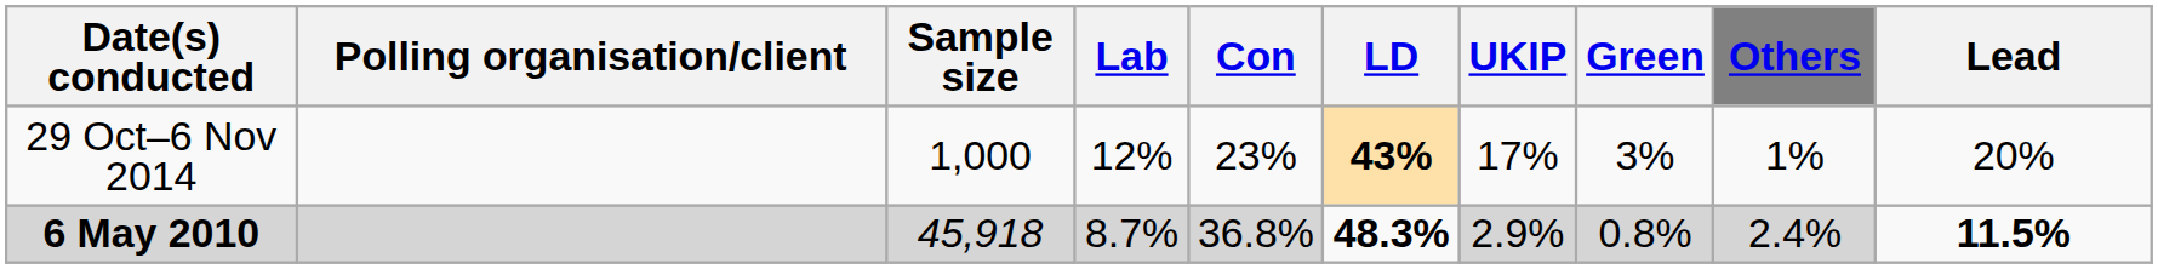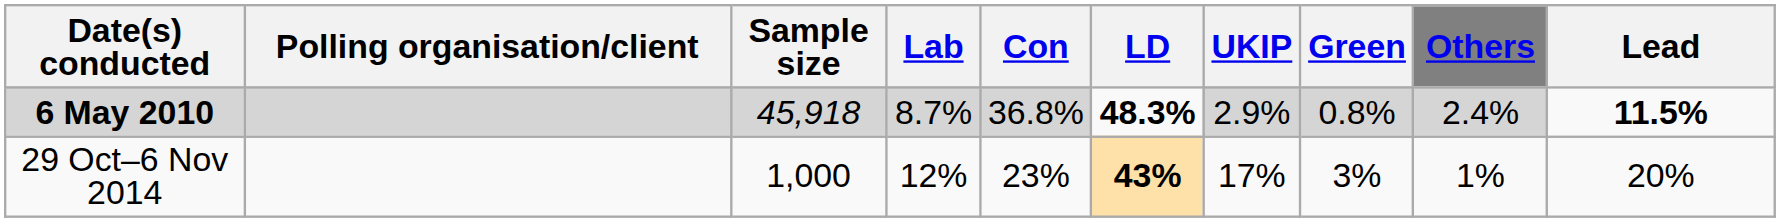 <table class="wikitable sortable" style="text-align:center;font-size:90%;line-height:14px">
 <tr>
 <th ! style="width:95px;">Date(s)<br>conducted</th>
 <th style="width:200px;">Polling organisation/client</th>
 <th class="unsortable" style="width:60px;">Sample size</th>
 <th class="unsortable" style="background:"><a href='#'><span>Lab</span></a></th>
 <th class="unsortable" style="background:"><a href='#'><span>Con</span></a></th>
 <th class="unsortable" style="background:"><a href='#'><span>LD</span></a></th>
 <th class="unsortable" style="background:"><a href='#'><span>UKIP</span></a></th>
 <th class="unsortable" style="background:"><a href='#'><span>Green</span></a></th>
 <th class="unsortable" style="background:gray; width:50px;"><a href='#'><span>Others</span></a></th>
 <th class="unsortable" style="width:90px;">Lead</th>
 </tr>
 <tr>
+<td style="background:#D5D5D5"><strong>6 May 2010</strong></td>
+<td style="background:#D5D5D5"></td>
+<td style="background:#D5D5D5"><em>45,918</em></td>
+<td style="background:#D5D5D5">8.7%</td>
+<td style="background:#D5D5D5">36.8%</td>
+<td style="background:"><strong>48.3%</strong></td>
+<td style="background:#D5D5D5">2.9%</td>
+<td style="background:#D5D5D5">0.8%</td>
+<td style="background:#D5D5D5">2.4%</td>
+<td style="background:"><strong>11.5% </strong></td>
+</tr>
+<tr>
 <td>29 Oct–6 Nov 2014</td>
 <td></td>
 <td>1,000</td>
 <td>12%</td>
 <td>23%</td>
 <td style="background:#FEE1A8"><strong>43%</strong></td>
 <td>17%</td>
 <td>3%</td>
 <td>1%</td>
 <td style="background:">20%</td>
 </tr>
-<tr>
-<td style="background:#D5D5D5"><strong>6 May 2010</strong></td>
-<td style="background:#D5D5D5"></td>
-<td style="background:#D5D5D5"><em>45,918</em></td>
-<td style="background:#D5D5D5">8.7%</td>
-<td style="background:#D5D5D5">36.8%</td>
-<td style="background:"><strong>48.3%</strong></td>
-<td style="background:#D5D5D5">2.9%</td>
-<td style="background:#D5D5D5">0.8%</td>
-<td style="background:#D5D5D5">2.4%</td>
-<td style="background:"><strong>11.5% </strong></td>
-</tr>
 </table>
